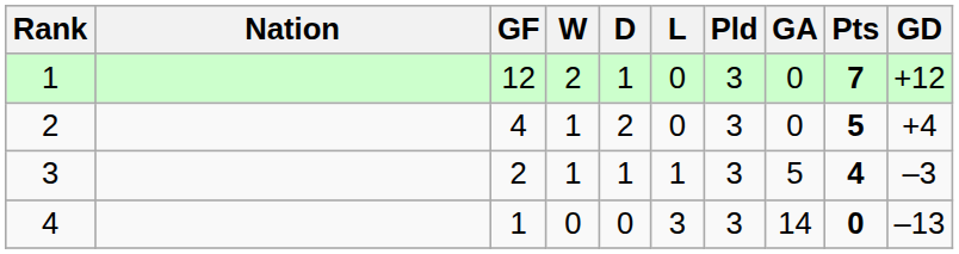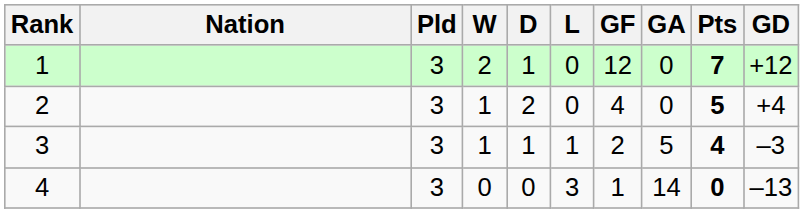 <table class="wikitable" style="text-align: center;">
 <tr>
 <th width=5>Rank</th>
 <th width=200>Nation</th>
-<th width=20>GF</th>
+<th width=20>Pld</th>
 <th width=20>W</th>
 <th width=20>D</th>
 <th width=20>L</th>
-<th width=20>Pld</th>
+<th width=20>GF</th>
 <th width=20>GA</th>
 <th width=20>Pts</th>
 <th width=20>GD</th>
 </tr>
 <tr style="background:#ccffcc">
 <td>1</td>
 <td style="text-align:left"></td>
-<td>12</td>
+<td>3</td>
 <td>2</td>
 <td>1</td>
 <td>0</td>
-<td>3</td>
+<td>12</td>
 <td>0</td>
 <td><strong>7</strong></td>
 <td>+12</td>
 </tr>
 <tr>
 <td>2</td>
 <td style="text-align:left"></td>
-<td>4</td>
+<td>3</td>
 <td>1</td>
 <td>2</td>
 <td>0</td>
-<td>3</td>
+<td>4</td>
 <td>0</td>
 <td><strong>5</strong></td>
 <td>+4</td>
 </tr>
 <tr>
 <td>3</td>
 <td style="text-align:left"></td>
-<td>2</td>
+<td>3</td>
 <td>1</td>
 <td>1</td>
 <td>1</td>
-<td>3</td>
+<td>2</td>
 <td>5</td>
 <td><strong>4</strong></td>
 <td>–3</td>
 </tr>
 <tr>
 <td>4</td>
 <td style="text-align:left"></td>
-<td>1</td>
+<td>3</td>
 <td>0</td>
 <td>0</td>
 <td>3</td>
-<td>3</td>
+<td>1</td>
 <td>14</td>
 <td><strong>0</strong></td>
 <td>–13</td>
 </tr>
 </table>
